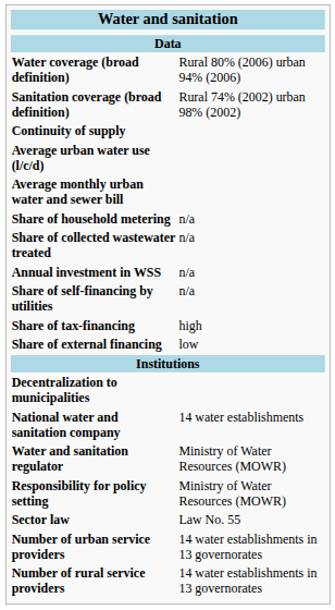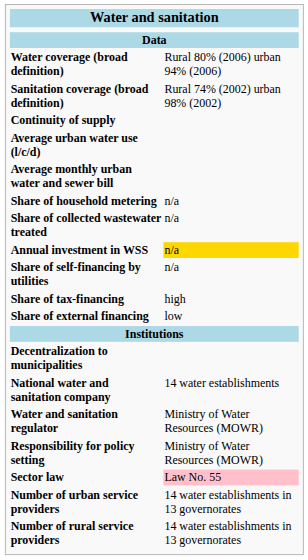 <table style="width: 25em; font-size: 90%; text-align: left;" class="infobox">
 <tr>
 <th align="center" bgcolor="lightblue" colspan="2"><big>Water and sanitation</big></th>
 </tr>
 <tr>
 <td colspan="2" style="text-align:center"></td>
 </tr>
 <tr>
 <th align="center" bgcolor="lightblue" colspan="3">Data</th>
 </tr>
 <tr>
 <th align="left" valign="top">Water coverage (broad definition)</th>
 <td valign="top">Rural 80% (2006) urban 94% (2006) </td>
 </tr>
 <tr>
 <th align="left" valign="top">Sanitation coverage (broad definition)</th>
 <td valign="top">Rural 74% (2002) urban 98% (2002) </td>
 </tr>
 <tr>
 <th align="left" valign="top">Continuity of supply</th>
 <td valign="top"></td>
 </tr>
 <tr>
 <th align="left" valign="top">Average urban water use (l/c/d)</th>
 <td valign="top"></td>
 </tr>
 <tr>
 <th align="left" valign="top">Average monthly urban water and sewer bill</th>
 <td valign="top"></td>
 </tr>
 <tr>
 <th align="left" valign="top">Share of household metering</th>
 <td valign="top">n/a</td>
 </tr>
 <tr>
 <th align="left" valign="top">Share of collected wastewater treated</th>
 <td valign="top">n/a</td>
 </tr>
 <tr>
 <th align="left" valign="top">Annual investment in WSS</th>
-<td valign="top">n/a</td>
+<td valign="top" style="background: gold;">n/a</td>
 </tr>
 <tr>
 <th align="left" valign="top">Share of self-financing by utilities</th>
 <td valign="top">n/a</td>
 </tr>
 <tr>
 <th align="left" valign="top">Share of tax-financing</th>
 <td valign="top">high</td>
 </tr>
 <tr>
 <th align="left" valign="top">Share of external financing</th>
 <td valign="top">low</td>
 </tr>
 <tr>
 <th align="center" bgcolor="lightblue" colspan="3">Institutions</th>
 </tr>
 <tr>
 <th align="left" valign="top">Decentralization to municipalities</th>
 <td valign="top"></td>
 </tr>
 <tr>
 <th align="left" valign="top">National water and sanitation company</th>
 <td valign="top">14 water establishments</td>
 </tr>
 <tr>
 <th align="left" valign="top">Water and sanitation regulator</th>
 <td valign="top">Ministry of Water Resources (MOWR)</td>
 </tr>
 <tr>
 <th align="left" valign="top">Responsibility for policy setting</th>
 <td valign="top">Ministry of Water Resources (MOWR)</td>
 </tr>
 <tr>
 <th align="left" valign="top">Sector law</th>
-<td valign="top">Law No. 55</td>
+<td valign="top" style="background: pink;">Law No. 55</td>
 </tr>
 <tr>
 <th align="left" valign="top">Number of urban service providers</th>
 <td valign="top">14 water establishments in 13 governorates</td>
 </tr>
 <tr>
 <th align="left" valign="top">Number of rural service providers</th>
 <td valign="top">14 water establishments in 13 governorates</td>
 </tr>
 <tr>
 </tr>
 </table>
